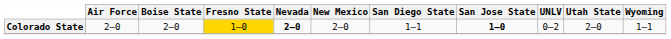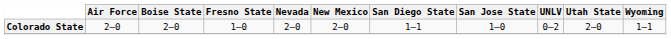 <table class="wikitable" style="white-space:nowrap;font-size:100%;">
 <tr>
 <th colspan="1" style="background:white; border-top-style:hidden; border-left-style:hidden;" width="75"> </th>
 <th style=>Air Force</th>
 <th style=>Boise State</th>
 <th style=>Fresno State</th>
 <th style=>Nevada</th>
 <th style=>New Mexico</th>
 <th style=>San Diego State</th>
 <th style=>San Jose State</th>
 <th style=>UNLV</th>
 <th style=>Utah State</th>
 <th style=>Wyoming</th>
 </tr>
 <tr style="text-align:center;">
 <th style=>Colorado State</th>
 <td>2–0</td>
 <td>2–0</td>
-<td style="background: gold;">1–0</td>
-<td><strong>2–0</strong></td>
+<td>1–0</td>
+<td>2–0</td>
 <td>2–0</td>
 <td>1–1</td>
-<td><strong>1–0</strong></td>
+<td>1–0</td>
 <td>0–2</td>
 <td>2–0</td>
 <td>1–1</td>
 </tr>
 <tr style="text-align:center;">
 </tr>
 </table>
